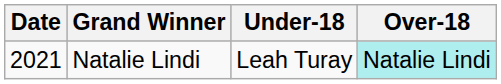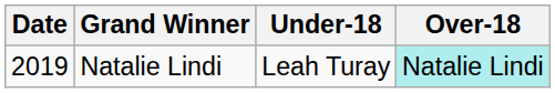 <table class="wikitable">
 <tr>
 <th>Date</th>
 <th>Grand Winner</th>
 <th>Under-18</th>
 <th>Over-18</th>
 </tr>
 <tr>
-<td>2021</td>
+<td>2019</td>
 <td>Natalie Lindi</td>
 <td>Leah Turay</td>
 <td style="background: paleturquoise;">Natalie Lindi</td>
 </tr>
 </table>
